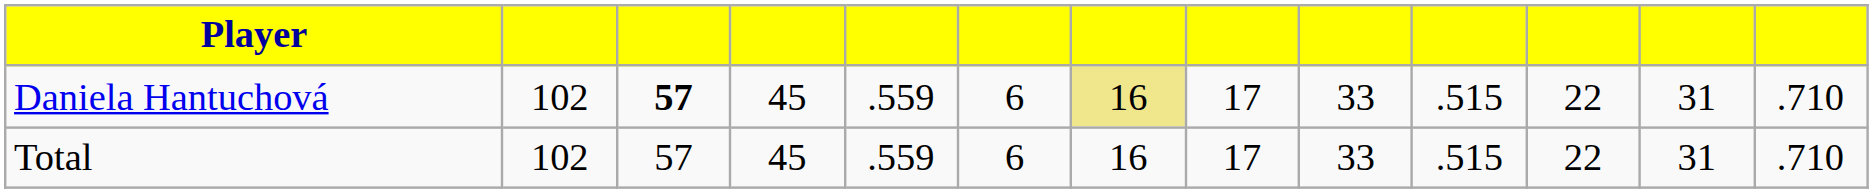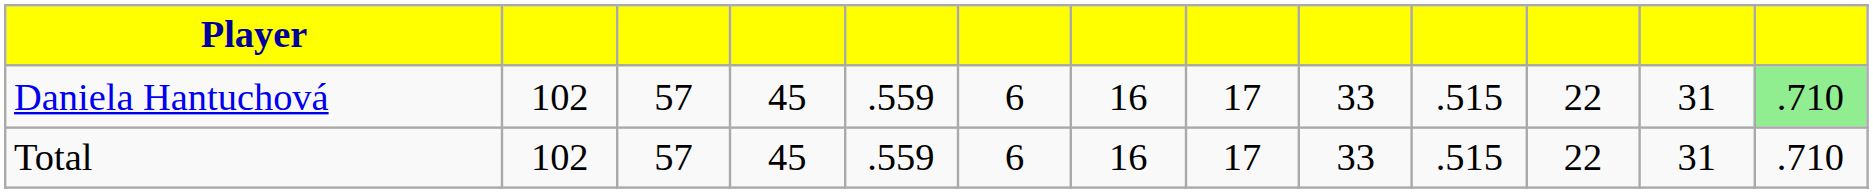 <table class="wikitable" style="text-align:center">
 <tr>
 <th style="background:yellow; color:#00009C" width="200px">Player</th>
 <th style="background:yellow; color:#00009C" width="40px"></th>
 <th style="background:yellow; color:#00009C" width="40px"></th>
 <th style="background:yellow; color:#00009C" width="40px"></th>
 <th style="background:yellow; color:#00009C" width="40px"></th>
 <th style="background:yellow; color:#00009C" width="40px"></th>
 <th style="background:yellow; color:#00009C" width="40px"></th>
 <th style="background:yellow; color:#00009C" width="40px"></th>
 <th style="background:yellow; color:#00009C" width="40px"></th>
 <th style="background:yellow; color:#00009C" width="40px"></th>
 <th style="background:yellow; color:#00009C" width="40px"></th>
 <th style="background:yellow; color:#00009C" width="40px"></th>
 <th style="background:yellow; color:#00009C" width="40px"></th>
 </tr>
 <tr>
 <td style="text-align:left"><a href='#'>Daniela Hantuchová</a></td>
 <td>102</td>
-<td><strong>57</strong></td>
+<td>57</td>
 <td>45</td>
 <td>.559</td>
 <td>6</td>
-<td style="background: khaki;">16</td>
+<td>16</td>
 <td>17</td>
 <td>33</td>
 <td>.515</td>
 <td>22</td>
 <td>31</td>
-<td>.710</td>
+<td style="background: lightgreen;">.710</td>
 </tr>
 <tr>
 <td style="text-align:left">Total</td>
 <td>102</td>
 <td>57</td>
 <td>45</td>
 <td>.559</td>
 <td>6</td>
 <td>16</td>
 <td>17</td>
 <td>33</td>
 <td>.515</td>
 <td>22</td>
 <td>31</td>
 <td>.710</td>
 </tr>
 </table>
